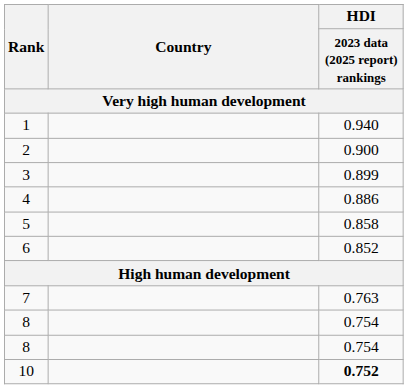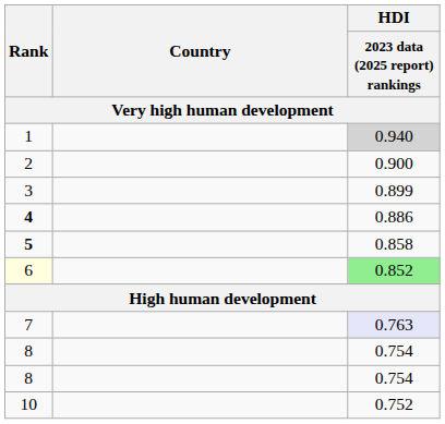 <table class="wikitable sortable" style="text-align:center">
 <tr>
 <th scope="col" rowspan="2">Rank</th>
 <th scope="col" rowspan="2" style="width:17em;">Country</th>
 <th scope="col" colspan="2">HDI</th>
 </tr>
 <tr>
 <th scope="col" style="width:5em;"><small>2023 data (2025 report) rankings</small></th>
 </tr>
 <tr>
 <th scope="row" colspan="4">Very high human development</th>
 </tr>
 <tr>
 <td>1</td>
 <td style="text-align:left"></td>
-<td>0.940</td>
+<td style="background: lightgrey;">0.940</td>
 </tr>
 <tr>
 <td>2</td>
 <td style="text-align:left"></td>
 <td>0.900</td>
 </tr>
 <tr>
 <td>3</td>
 <td style="text-align:left"></td>
 <td>0.899</td>
 </tr>
 <tr>
-<td>4</td>
+<td><strong>4</strong></td>
 <td style="text-align:left"></td>
 <td>0.886</td>
 </tr>
 <tr>
-<td>5</td>
+<td><strong>5</strong></td>
 <td style="text-align:left"></td>
 <td>0.858</td>
 </tr>
 <tr>
-<td>6</td>
+<td style="background: lightyellow;">6</td>
 <td style="text-align:left"></td>
-<td>0.852</td>
+<td style="background: lightgreen;">0.852</td>
 </tr>
 <tr>
 <th scope="row" colspan="4">High human development</th>
 </tr>
 <tr>
 <td>7</td>
 <td style="text-align:left"></td>
-<td>0.763</td>
+<td style="background: lavender;">0.763</td>
 </tr>
 <tr>
 <td>8</td>
 <td style="text-align:left"></td>
 <td>0.754</td>
 </tr>
 <tr>
 <td>8</td>
 <td style="text-align:left"></td>
 <td>0.754</td>
 </tr>
 <tr>
 <td>10</td>
 <td style="text-align:left"></td>
-<td><strong>0.752</strong></td>
+<td>0.752</td>
 </tr>
 </table>
